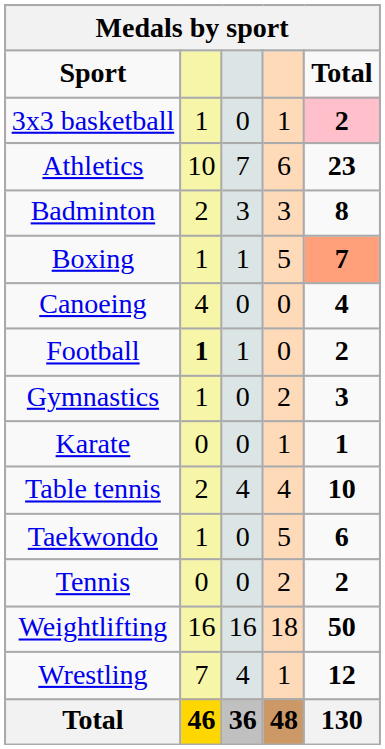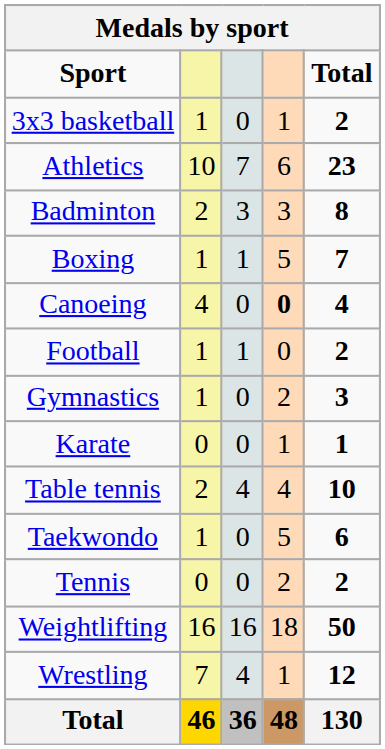 <table class="wikitable" style="font-size:85%; text-align:center;">
 <tr style="background:#efefef;">
 <th colspan=5><strong>Medals by sport</strong></th>
 </tr>
 <tr>
 <td><strong>Sport</strong></td>
 <td style="background:#f7f6a8;"></td>
 <td style="background:#dce5e5;"></td>
 <td style="background:#ffdab9;"></td>
 <td><strong>Total</strong></td>
 </tr>
 <tr>
 <td><a href='#'>3x3 basketball</a></td>
 <td style="background:#F7F6A8;">1</td>
 <td style="background:#DCE5E5;">0</td>
 <td style="background:#FFDAB9;">1</td>
-<td style="background: pink;"><strong>2</strong></td>
+<td><strong>2</strong></td>
 </tr>
 <tr>
 <td><a href='#'>Athletics</a></td>
 <td style="background:#F7F6A8;">10</td>
 <td style="background:#DCE5E5;">7</td>
 <td style="background:#FFDAB9;">6</td>
 <td><strong>23</strong></td>
 </tr>
 <tr>
 <td><a href='#'>Badminton</a></td>
 <td style="background:#F7F6A8;">2</td>
 <td style="background:#DCE5E5;">3</td>
 <td style="background:#FFDAB9;">3</td>
 <td><strong>8</strong></td>
 </tr>
 <tr>
 <td><a href='#'>Boxing</a></td>
 <td style="background:#F7F6A8;">1</td>
 <td style="background:#DCE5E5;">1</td>
 <td style="background:#FFDAB9;">5</td>
-<td style="background: lightsalmon;"><strong>7</strong></td>
+<td><strong>7</strong></td>
 </tr>
 <tr>
 <td><a href='#'>Canoeing</a></td>
 <td style="background:#F7F6A8;">4</td>
 <td style="background:#DCE5E5;">0</td>
-<td style="background:#FFDAB9;">0</td>
+<td style="background:#FFDAB9;"><strong>0</strong></td>
 <td><strong>4</strong></td>
 </tr>
 <tr>
 <td><a href='#'>Football</a></td>
-<td style="background:#F7F6A8;"><strong>1</strong></td>
+<td style="background:#F7F6A8;">1</td>
 <td style="background:#DCE5E5;">1</td>
 <td style="background:#FFDAB9;">0</td>
 <td><strong>2</strong></td>
 </tr>
 <tr>
 <td><a href='#'>Gymnastics</a></td>
 <td style="background:#F7F6A8;">1</td>
 <td style="background:#DCE5E5;">0</td>
 <td style="background:#FFDAB9;">2</td>
 <td><strong>3</strong></td>
 </tr>
 <tr>
 <td><a href='#'>Karate</a></td>
 <td style="background:#F7F6A8;">0</td>
 <td style="background:#DCE5E5;">0</td>
 <td style="background:#FFDAB9;">1</td>
 <td><strong>1</strong></td>
 </tr>
 <tr>
 <td><a href='#'>Table tennis</a></td>
 <td style="background:#F7F6A8;">2</td>
 <td style="background:#DCE5E5;">4</td>
 <td style="background:#FFDAB9;">4</td>
 <td><strong>10</strong></td>
 </tr>
 <tr>
 <td><a href='#'>Taekwondo</a></td>
 <td style="background:#F7F6A8;">1</td>
 <td style="background:#DCE5E5;">0</td>
 <td style="background:#FFDAB9;">5</td>
 <td><strong>6</strong></td>
 </tr>
 <tr>
 <td><a href='#'>Tennis</a></td>
 <td style="background:#F7F6A8;">0</td>
 <td style="background:#DCE5E5;">0</td>
 <td style="background:#FFDAB9;">2</td>
 <td><strong>2</strong></td>
 </tr>
 <tr>
 <td><a href='#'>Weightlifting</a></td>
 <td style="background:#F7F6A8;">16</td>
 <td style="background:#DCE5E5;">16</td>
 <td style="background:#FFDAB9;">18</td>
 <td><strong>50</strong></td>
 </tr>
 <tr>
 <td><a href='#'>Wrestling</a></td>
 <td style="background:#F7F6A8;">7</td>
 <td style="background:#DCE5E5;">4</td>
 <td style="background:#FFDAB9;">1</td>
 <td><strong>12</strong></td>
 </tr>
 <tr>
 <th>Total</th>
 <th style="background:gold;">46</th>
 <th style="background:silver;">36</th>
 <th style="background:#c96;">48</th>
 <th>130</th>
 </tr>
 </table>
